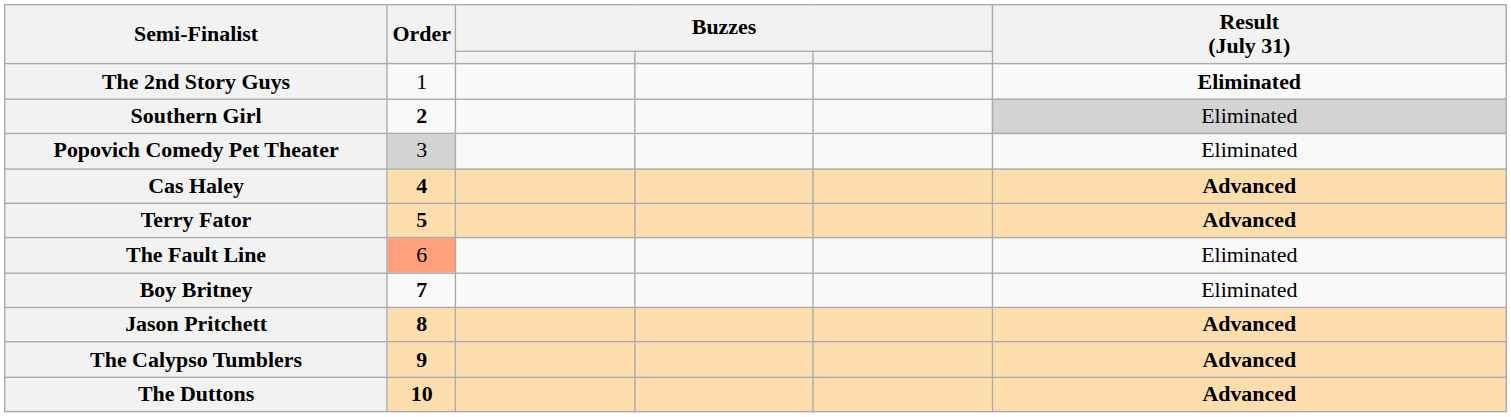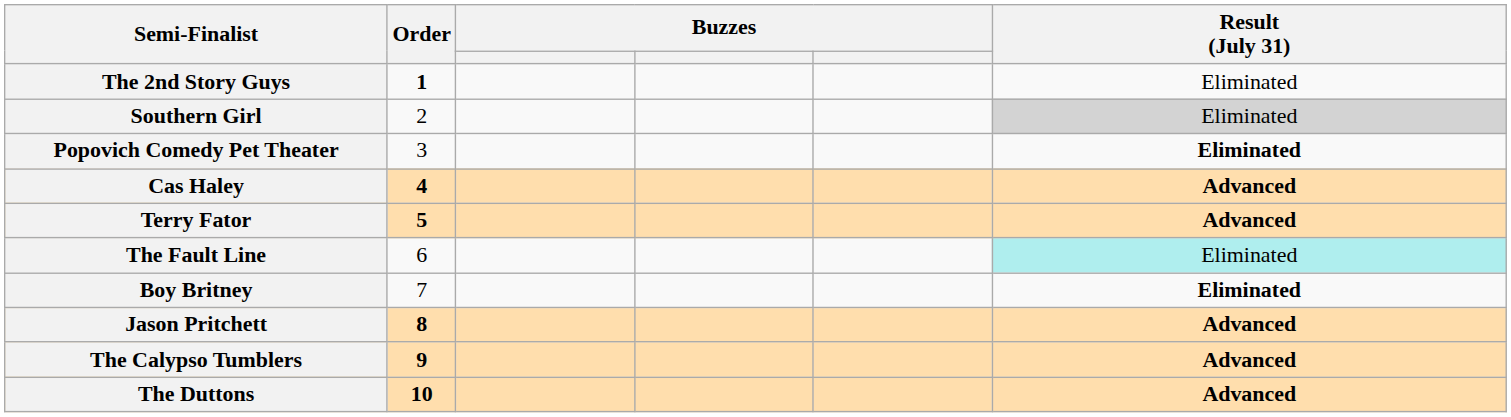 <table class="wikitable plainrowheaders sortable" style="text-align:center;">
 <tr>
 <th scope="col" rowspan="2" class="unsortable" style="width:17em;">Semi-Finalist</th>
 <th scope="col" rowspan="2" style="width:1em;">Order</th>
 <th scope="col" colspan="3" class="unsortable" style="width:24em;">Buzzes</th>
 <th scope="col" rowspan="2" style="width:23em;">Result <br> (July 31)</th>
 </tr>
 <tr>
 <th scope="col" class="unsortable" style="width:6em;"></th>
 <th scope="col" class="unsortable" style="width:6em;"></th>
 <th scope="col" class="unsortable" style="width:6em;"></th>
 </tr>
 <tr>
 <th scope="row">The 2nd Story Guys</th>
-<td>1</td>
+<td><strong>1</strong></td>
 <td style="text-align:center;"></td>
 <td style="text-align:center;"></td>
 <td style="text-align:center;"></td>
-<td><strong>Eliminated</strong></td>
+<td>Eliminated</td>
 </tr>
 <tr>
 <th scope="row">Southern Girl</th>
-<td><strong>2</strong></td>
+<td>2</td>
 <td style="text-align:center;"></td>
 <td style="text-align:center;"></td>
 <td style="text-align:center;"></td>
 <td style="background: lightgrey;">Eliminated</td>
 </tr>
 <tr>
 <th scope="row">Popovich Comedy Pet Theater</th>
-<td style="background: lightgrey;">3</td>
+<td>3</td>
 <td style="text-align:center;"></td>
 <td style="text-align:center;"></td>
 <td style="text-align:center;"></td>
-<td>Eliminated</td>
+<td><strong>Eliminated</strong></td>
 </tr>
 <tr bgcolor=NavajoWhite>
 <th scope="row"><strong>Cas Haley</strong></th>
 <td><strong>4</strong></td>
 <td style="text-align:center;"></td>
 <td style="text-align:center;"></td>
 <td style="text-align:center;"></td>
 <td><strong>Advanced</strong></td>
 </tr>
 <tr bgcolor=NavajoWhite>
 <th scope="row"><strong>Terry Fator</strong></th>
 <td><strong>5</strong></td>
 <td style="text-align:center;"></td>
 <td style="text-align:center;"></td>
 <td style="text-align:center;"></td>
 <td><strong>Advanced</strong></td>
 </tr>
 <tr>
 <th scope="row">The Fault Line</th>
-<td style="background: lightsalmon;">6</td>
+<td>6</td>
 <td style="text-align:center;"></td>
 <td style="text-align:center;"></td>
 <td style="text-align:center;"></td>
-<td>Eliminated</td>
+<td style="background: paleturquoise;">Eliminated</td>
 </tr>
 <tr>
 <th scope="row">Boy Britney</th>
-<td><strong>7</strong></td>
+<td>7</td>
 <td style="text-align:center;"></td>
 <td style="text-align:center;"></td>
 <td style="text-align:center;"></td>
-<td>Eliminated</td>
+<td><strong>Eliminated</strong></td>
 </tr>
 <tr bgcolor=NavajoWhite>
 <th scope="row"><strong>Jason Pritchett</strong></th>
 <td><strong>8</strong></td>
 <td style="text-align:center;"></td>
 <td style="text-align:center;"></td>
 <td style="text-align:center;"></td>
 <td><strong>Advanced</strong></td>
 </tr>
 <tr bgcolor=NavajoWhite>
 <th scope="row"><strong>The Calypso Tumblers</strong></th>
 <td><strong>9</strong></td>
 <td style="text-align:center;"></td>
 <td style="text-align:center;"></td>
 <td style="text-align:center;"></td>
 <td><strong>Advanced</strong></td>
 </tr>
 <tr bgcolor=NavajoWhite>
 <th scope="row"><strong>The Duttons</strong></th>
 <td><strong>10</strong></td>
 <td style="text-align:center;"></td>
 <td style="text-align:center;"></td>
 <td style="text-align:center;"></td>
 <td><strong>Advanced</strong></td>
 </tr>
 </table>
